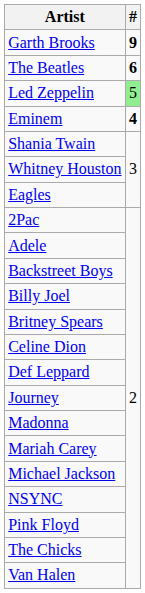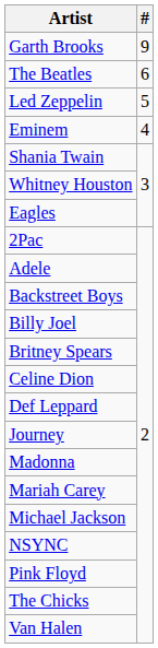 <table class="wikitable sortable">
 <tr>
 <th>Artist</th>
 <th>#</th>
 </tr>
 <tr>
 <td><a href='#'>Garth Brooks</a></td>
-<td><strong>9</strong></td>
+<td>9</td>
 </tr>
 <tr>
 <td><a href='#'>The Beatles</a></td>
-<td><strong>6</strong></td>
+<td>6</td>
 </tr>
 <tr>
 <td><a href='#'>Led Zeppelin</a></td>
-<td style="background: lightgreen;">5</td>
+<td>5</td>
 </tr>
 <tr>
 <td><a href='#'>Eminem</a></td>
-<td><strong>4</strong></td>
+<td>4</td>
 </tr>
 <tr>
 <td><a href='#'>Shania Twain</a></td>
 <td rowspan="3">3</td>
 </tr>
 <tr>
 <td><a href='#'>Whitney Houston</a></td>
 </tr>
 <tr>
 <td><a href='#'>Eagles</a></td>
 </tr>
 <tr>
 <td><a href='#'>2Pac</a></td>
 <td rowspan="15">2</td>
 </tr>
 <tr>
 <td><a href='#'>Adele</a></td>
 </tr>
 <tr>
 <td><a href='#'>Backstreet Boys</a></td>
 </tr>
 <tr>
 <td><a href='#'>Billy Joel</a></td>
 </tr>
 <tr>
 <td><a href='#'>Britney Spears</a></td>
 </tr>
 <tr>
 <td><a href='#'>Celine Dion</a></td>
 </tr>
 <tr>
 <td><a href='#'>Def Leppard</a></td>
 </tr>
 <tr>
 <td><a href='#'>Journey</a></td>
 </tr>
 <tr>
 <td><a href='#'>Madonna</a></td>
 </tr>
 <tr>
 <td><a href='#'>Mariah Carey</a></td>
 </tr>
 <tr>
 <td><a href='#'>Michael Jackson</a></td>
 </tr>
 <tr>
 <td><a href='#'>NSYNC</a></td>
 </tr>
 <tr>
 <td><a href='#'>Pink Floyd</a></td>
 </tr>
 <tr>
 <td><a href='#'>The Chicks</a></td>
 </tr>
 <tr>
 <td><a href='#'>Van Halen</a></td>
 </tr>
 </table>
